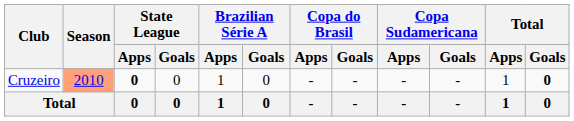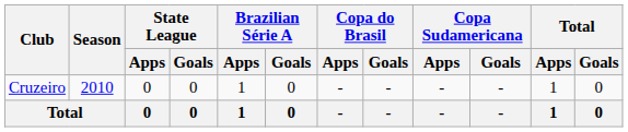 <table class="wikitable" style="text-align: center;">
 <tr>
 <th rowspan="2">Club</th>
 <th rowspan="2">Season</th>
 <th colspan="2">State League</th>
 <th colspan="2"><a href='#'>Brazilian Série A</a></th>
 <th colspan="2"><a href='#'>Copa do Brasil</a></th>
 <th colspan="2"><a href='#'>Copa Sudamericana</a></th>
 <th colspan="2">Total</th>
 </tr>
 <tr>
 <th>Apps</th>
 <th>Goals</th>
 <th>Apps</th>
 <th>Goals</th>
 <th>Apps</th>
 <th>Goals</th>
 <th>Apps</th>
 <th>Goals</th>
 <th>Apps</th>
 <th>Goals</th>
 </tr>
 <tr>
 <td rowspan="1" valign="center"><a href='#'>Cruzeiro</a></td>
-<td style="background: lightsalmon;"><a href='#'>2010</a></td>
-<td><strong>0</strong></td>
+<td><a href='#'>2010</a></td>
+<td>0</td>
 <td>0</td>
 <td>1</td>
 <td>0</td>
 <td>-</td>
 <td>-</td>
 <td>-</td>
 <td>-</td>
 <td>1</td>
-<td><strong>0</strong></td>
+<td>0</td>
 </tr>
 <tr>
 <th colspan="2"><strong>Total</strong></th>
 <th>0</th>
 <th>0</th>
 <th>1</th>
 <th>0</th>
 <th>-</th>
 <th>-</th>
 <th>-</th>
 <th>-</th>
 <th>1</th>
 <th>0</th>
 </tr>
 </table>
